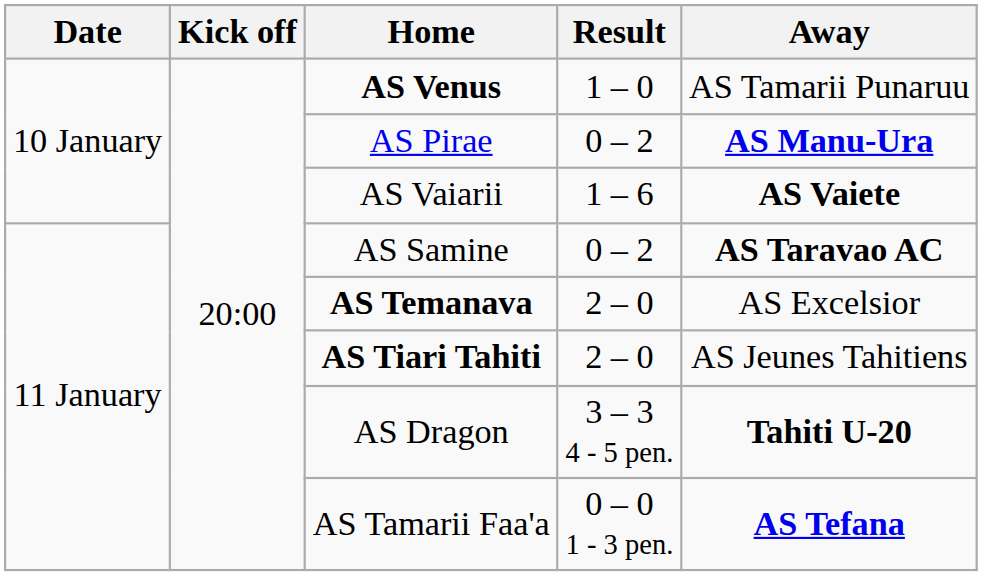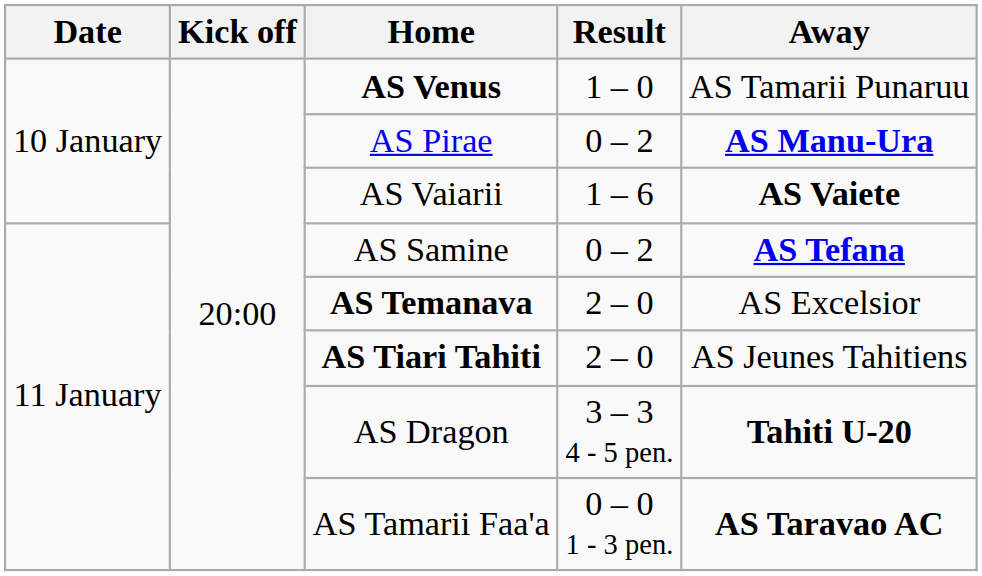 <table class="wikitable" style="text-align: center">
 <tr>
 <th scope="col">Date</th>
 <th scope="col">Kick off</th>
 <th scope="col">Home</th>
 <th scope="col">Result</th>
 <th scope="col">Away</th>
 </tr>
 <tr>
 <td rowspan="3">10 January</td>
 <td rowspan="8">20:00</td>
 <td><strong>AS Venus</strong></td>
 <td>1 – 0</td>
 <td>AS Tamarii Punaruu</td>
 </tr>
 <tr>
 <td><a href='#'>AS Pirae</a></td>
 <td>0 – 2</td>
 <td><strong><a href='#'>AS Manu-Ura</a></strong></td>
 </tr>
 <tr>
 <td>AS Vaiarii</td>
 <td>1 – 6</td>
 <td><strong>AS Vaiete</strong></td>
 </tr>
 <tr>
 <td rowspan="5">11 January</td>
 <td>AS Samine</td>
 <td>0 – 2</td>
-<td><strong>AS Taravao AC</strong></td>
+<td><strong><a href='#'>AS Tefana</a></strong></td>
 </tr>
 <tr>
 <td><strong>AS Temanava</strong></td>
 <td>2 – 0</td>
 <td>AS Excelsior</td>
 </tr>
 <tr>
 <td><strong>AS Tiari Tahiti</strong></td>
 <td>2 – 0</td>
 <td>AS Jeunes Tahitiens</td>
 </tr>
 <tr>
 <td>AS Dragon</td>
 <td>3 – 3 <br> <small> 4 - 5 pen. </small></td>
 <td><strong>Tahiti U-20</strong></td>
 </tr>
 <tr>
 <td>AS Tamarii Faa'a</td>
 <td>0 – 0 <br> <small> 1 - 3 pen. </small></td>
-<td><strong><a href='#'>AS Tefana</a></strong></td>
+<td><strong>AS Taravao AC</strong></td>
 </tr>
 </table>
